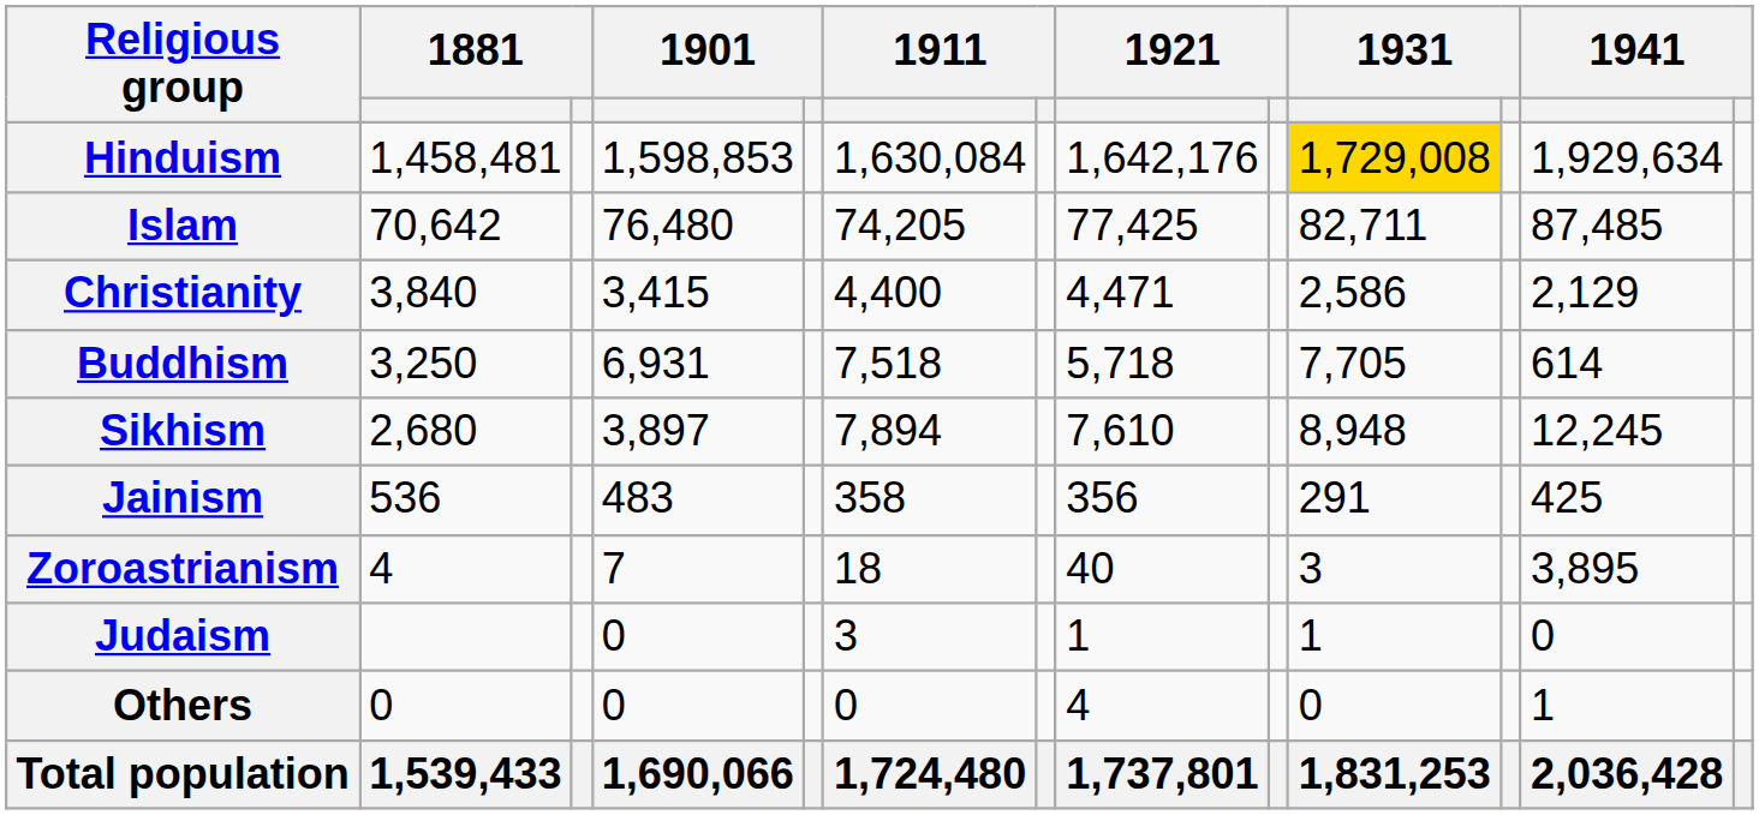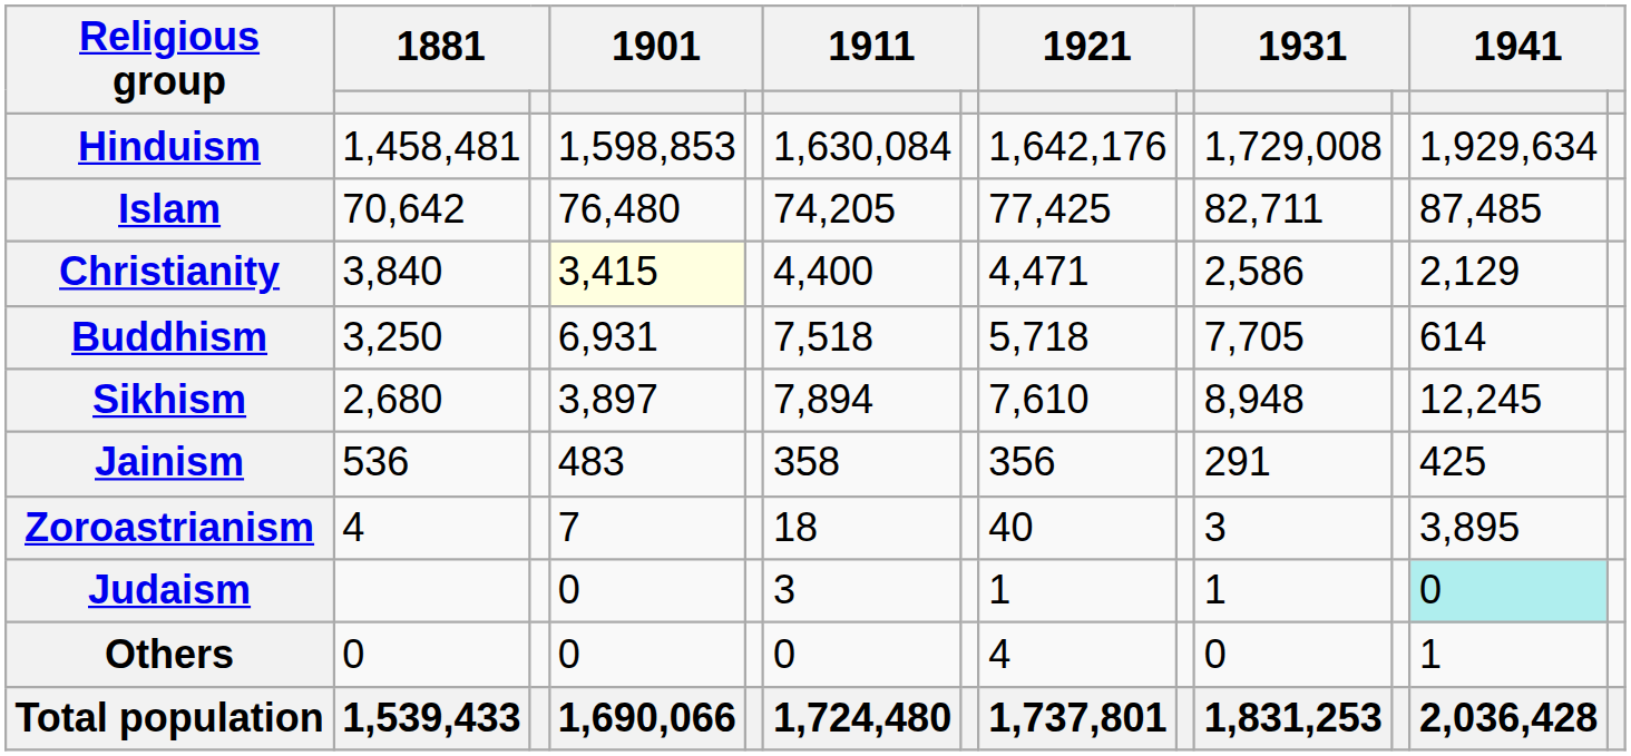 <table class="wikitable collapsible sortable">
 <tr>
 <th rowspan="2"><a href='#'>Religious</a><br>group</th>
 <th colspan="2">1881</th>
 <th colspan="2">1901</th>
 <th colspan="2">1911</th>
 <th colspan="2">1921</th>
 <th colspan="2">1931</th>
 <th colspan="2">1941</th>
 </tr>
 <tr>
 <th><a href='#'></a></th>
 <th></th>
 <th></th>
 <th></th>
 <th></th>
 <th></th>
 <th></th>
 <th></th>
 <th></th>
 <th></th>
 <th></th>
 <th></th>
 </tr>
 <tr>
 <th><a href='#'>Hinduism</a> </th>
 <td>1,458,481</td>
 <td></td>
 <td>1,598,853</td>
 <td></td>
 <td>1,630,084</td>
 <td></td>
 <td>1,642,176</td>
 <td></td>
-<td style="background: gold;">1,729,008</td>
+<td>1,729,008</td>
 <td></td>
 <td>1,929,634</td>
 <td></td>
 </tr>
 <tr>
 <th><a href='#'>Islam</a> </th>
 <td>70,642</td>
 <td></td>
 <td>76,480</td>
 <td></td>
 <td>74,205</td>
 <td></td>
 <td>77,425</td>
 <td></td>
 <td>82,711</td>
 <td></td>
 <td>87,485</td>
 <td></td>
 </tr>
 <tr>
 <th><a href='#'>Christianity</a> </th>
 <td>3,840</td>
 <td></td>
-<td>3,415</td>
+<td style="background: lightyellow;">3,415</td>
 <td></td>
 <td>4,400</td>
 <td></td>
 <td>4,471</td>
 <td></td>
 <td>2,586</td>
 <td></td>
 <td>2,129</td>
 <td></td>
 </tr>
 <tr>
 <th><a href='#'>Buddhism</a> </th>
 <td>3,250</td>
 <td></td>
 <td>6,931</td>
 <td></td>
 <td>7,518</td>
 <td></td>
 <td>5,718</td>
 <td></td>
 <td>7,705</td>
 <td></td>
 <td>614</td>
 <td></td>
 </tr>
 <tr>
 <th><a href='#'>Sikhism</a> </th>
 <td>2,680</td>
 <td></td>
 <td>3,897</td>
 <td></td>
 <td>7,894</td>
 <td></td>
 <td>7,610</td>
 <td></td>
 <td>8,948</td>
 <td></td>
 <td>12,245</td>
 <td></td>
 </tr>
 <tr>
 <th><a href='#'>Jainism</a> </th>
 <td>536</td>
 <td></td>
 <td>483</td>
 <td></td>
 <td>358</td>
 <td></td>
 <td>356</td>
 <td></td>
 <td>291</td>
 <td></td>
 <td>425</td>
 <td></td>
 </tr>
 <tr>
 <th><a href='#'>Zoroastrianism</a> </th>
 <td>4</td>
 <td></td>
 <td>7</td>
 <td></td>
 <td>18</td>
 <td></td>
 <td>40</td>
 <td></td>
 <td>3</td>
 <td></td>
 <td>3,895</td>
 <td></td>
 </tr>
 <tr>
 <th><a href='#'>Judaism</a> </th>
 <td></td>
 <td></td>
 <td>0</td>
 <td></td>
 <td>3</td>
 <td></td>
 <td>1</td>
 <td></td>
 <td>1</td>
 <td></td>
-<td>0</td>
+<td style="background: paleturquoise;">0</td>
 <td></td>
 </tr>
 <tr>
 <th>Others</th>
 <td>0</td>
 <td></td>
 <td>0</td>
 <td></td>
 <td>0</td>
 <td></td>
 <td>4</td>
 <td></td>
 <td>0</td>
 <td></td>
 <td>1</td>
 <td></td>
 </tr>
 <tr>
 <th>Total population</th>
 <th>1,539,433</th>
 <th></th>
 <th>1,690,066</th>
 <th></th>
 <th>1,724,480</th>
 <th></th>
 <th>1,737,801</th>
 <th></th>
 <th>1,831,253</th>
 <th></th>
 <th>2,036,428</th>
 <th></th>
 </tr>
 </table>
